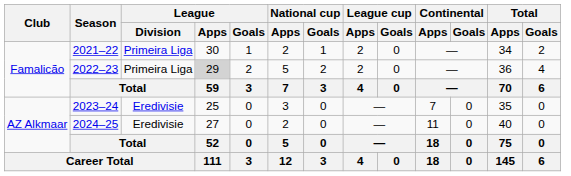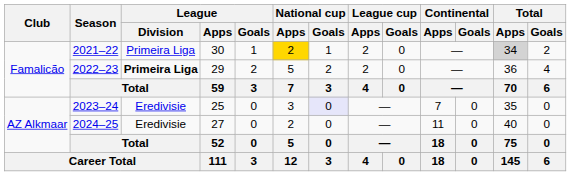 <table class="wikitable" style="text-align: center">
 <tr>
 <th rowspan="2">Club</th>
 <th rowspan="2">Season</th>
 <th colspan="3">League</th>
 <th colspan="2">National cup</th>
 <th colspan="2">League cup</th>
 <th colspan="2">Continental</th>
 <th colspan="2">Total</th>
 </tr>
 <tr>
 <th>Division</th>
 <th>Apps</th>
 <th>Goals</th>
 <th>Apps</th>
 <th>Goals</th>
 <th>Apps</th>
 <th>Goals</th>
 <th>Apps</th>
 <th>Goals</th>
 <th>Apps</th>
 <th>Goals</th>
 </tr>
 <tr>
 <td rowspan="3"><a href='#'>Famalicão</a></td>
 <td><a href='#'>2021–22</a></td>
 <td><a href='#'>Primeira Liga</a></td>
 <td>30</td>
 <td>1</td>
-<td>2</td>
+<td style="background: gold;">2</td>
 <td>1</td>
 <td>2</td>
 <td>0</td>
 <td colspan="2">—</td>
-<td>34</td>
+<td style="background: lightgrey;">34</td>
 <td>2</td>
 </tr>
 <tr>
 <td><a href='#'>2022–23</a></td>
-<td>Primeira Liga</td>
-<td style="background: lightgrey;">29</td>
+<td><strong>Primeira Liga</strong></td>
+<td>29</td>
 <td>2</td>
 <td>5</td>
 <td>2</td>
 <td>2</td>
 <td>0</td>
 <td colspan="2">—</td>
 <td>36</td>
 <td>4</td>
 </tr>
 <tr>
 <th colspan="2">Total</th>
 <th>59</th>
 <th>3</th>
 <th>7</th>
 <th>3</th>
 <th>4</th>
 <th>0</th>
 <th colspan="2">—</th>
 <th>70</th>
 <th>6</th>
 </tr>
 <tr>
 <td rowspan="3"><a href='#'>AZ Alkmaar</a></td>
 <td><a href='#'>2023–24</a></td>
 <td><a href='#'>Eredivisie</a></td>
 <td>25</td>
 <td>0</td>
 <td>3</td>
-<td>0</td>
+<td style="background: lavender;">0</td>
 <td colspan="2">—</td>
 <td>7</td>
 <td>0</td>
 <td>35</td>
 <td>0</td>
 </tr>
 <tr>
 <td><a href='#'>2024–25</a></td>
 <td>Eredivisie</td>
 <td>27</td>
 <td>0</td>
 <td>2</td>
 <td>0</td>
 <td colspan="2">—</td>
 <td>11</td>
 <td>0</td>
 <td>40</td>
 <td>0</td>
 </tr>
 <tr>
 <th colspan="2">Total</th>
 <th>52</th>
 <th>0</th>
 <th>5</th>
 <th>0</th>
 <th colspan="2">—</th>
 <th>18</th>
 <th>0</th>
 <th>75</th>
 <th>0</th>
 </tr>
 <tr>
 <th colspan="3">Career Total</th>
 <th>111</th>
 <th>3</th>
 <th>12</th>
 <th>3</th>
 <th>4</th>
 <th>0</th>
 <th>18</th>
 <th>0</th>
 <th>145</th>
 <th>6</th>
 </tr>
 </table>
